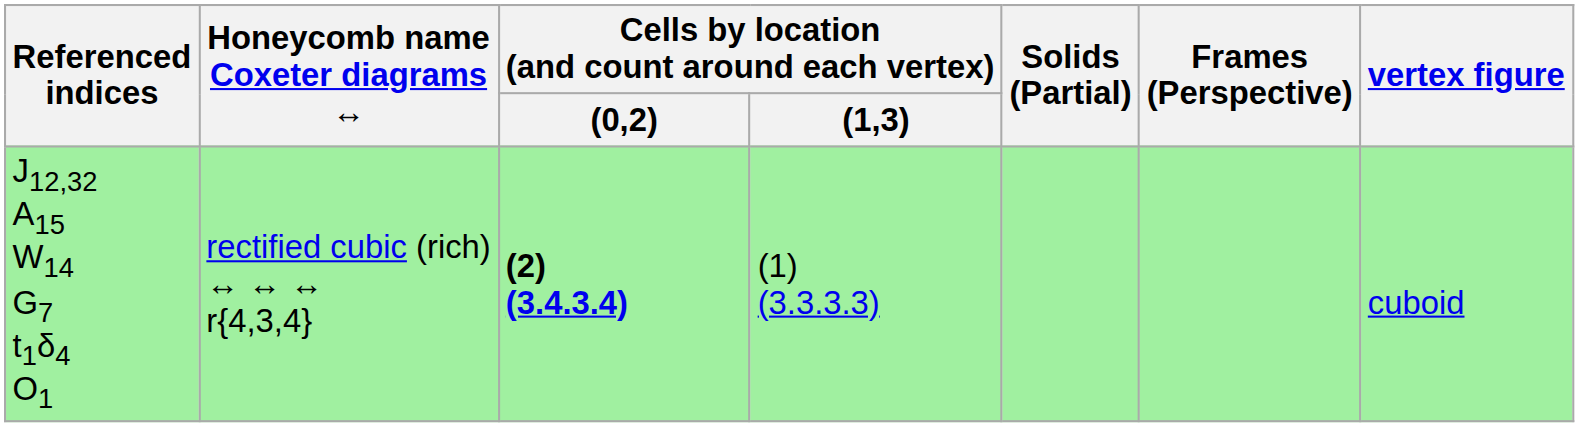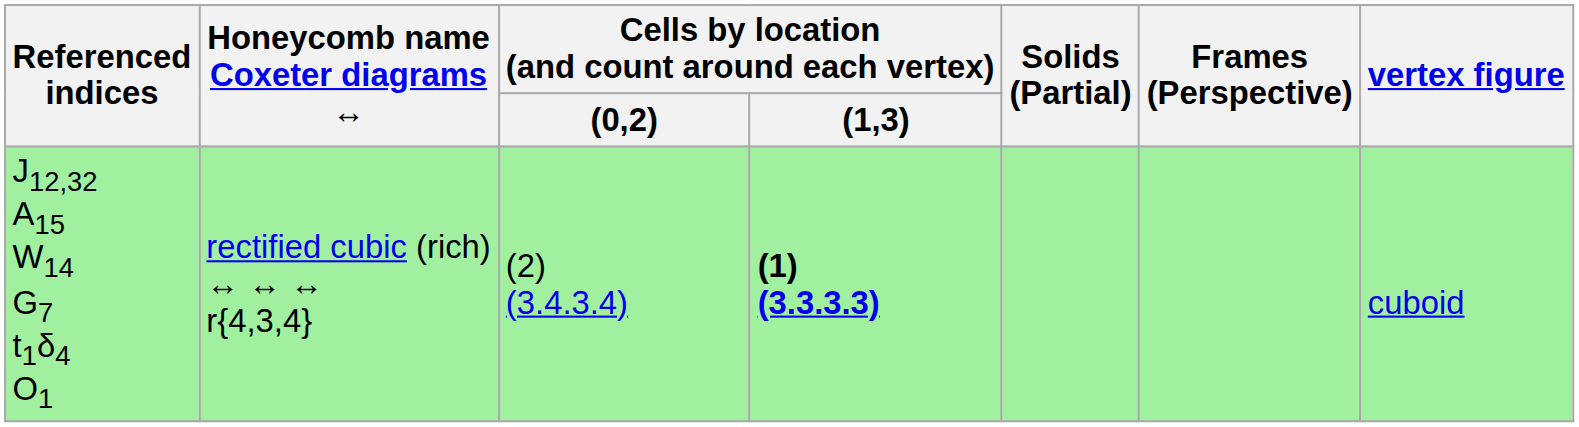 <table class="wikitable">
 <tr>
 <th rowspan=2>Referenced<br>indices</th>
 <th rowspan=2>Honeycomb name<br><a href='#'>Coxeter diagrams</a><br> ↔ </th>
 <th colspan=2>Cells by location<br>(and count around each vertex)</th>
 <th rowspan=2>Solids<br>(Partial)</th>
 <th rowspan=2>Frames<br>(Perspective)</th>
 <th rowspan=2><a href='#'>vertex figure</a></th>
 </tr>
 <tr>
 <th>(0,2)<br></th>
 <th>(1,3)<br></th>
 </tr>
 <tr BGCOLOR="#a0f0a0">
 <td>J<sub>12,32</sub><br>A<sub>15</sub><br>W<sub>14</sub><br>G<sub>7</sub><br>t<sub>1</sub>δ<sub>4</sub><br>O<sub>1</sub></td>
 <td><a href='#'>rectified cubic</a> (rich)<br> ↔  ↔  ↔ <br>r{4,3,4}</td>
-<td><strong> (2)<br><a href='#'>(3.4.3.4)</a></strong></td>
-<td> (1)<br><a href='#'>(3.3.3.3)</a></td>
+<td> (2)<br><a href='#'>(3.4.3.4)</a></td>
+<td><strong> (1)<br><a href='#'>(3.3.3.3)</a></strong></td>
 <td></td>
 <td></td>
 <td><br><a href='#'>cuboid</a></td>
 </tr>
 </table>
